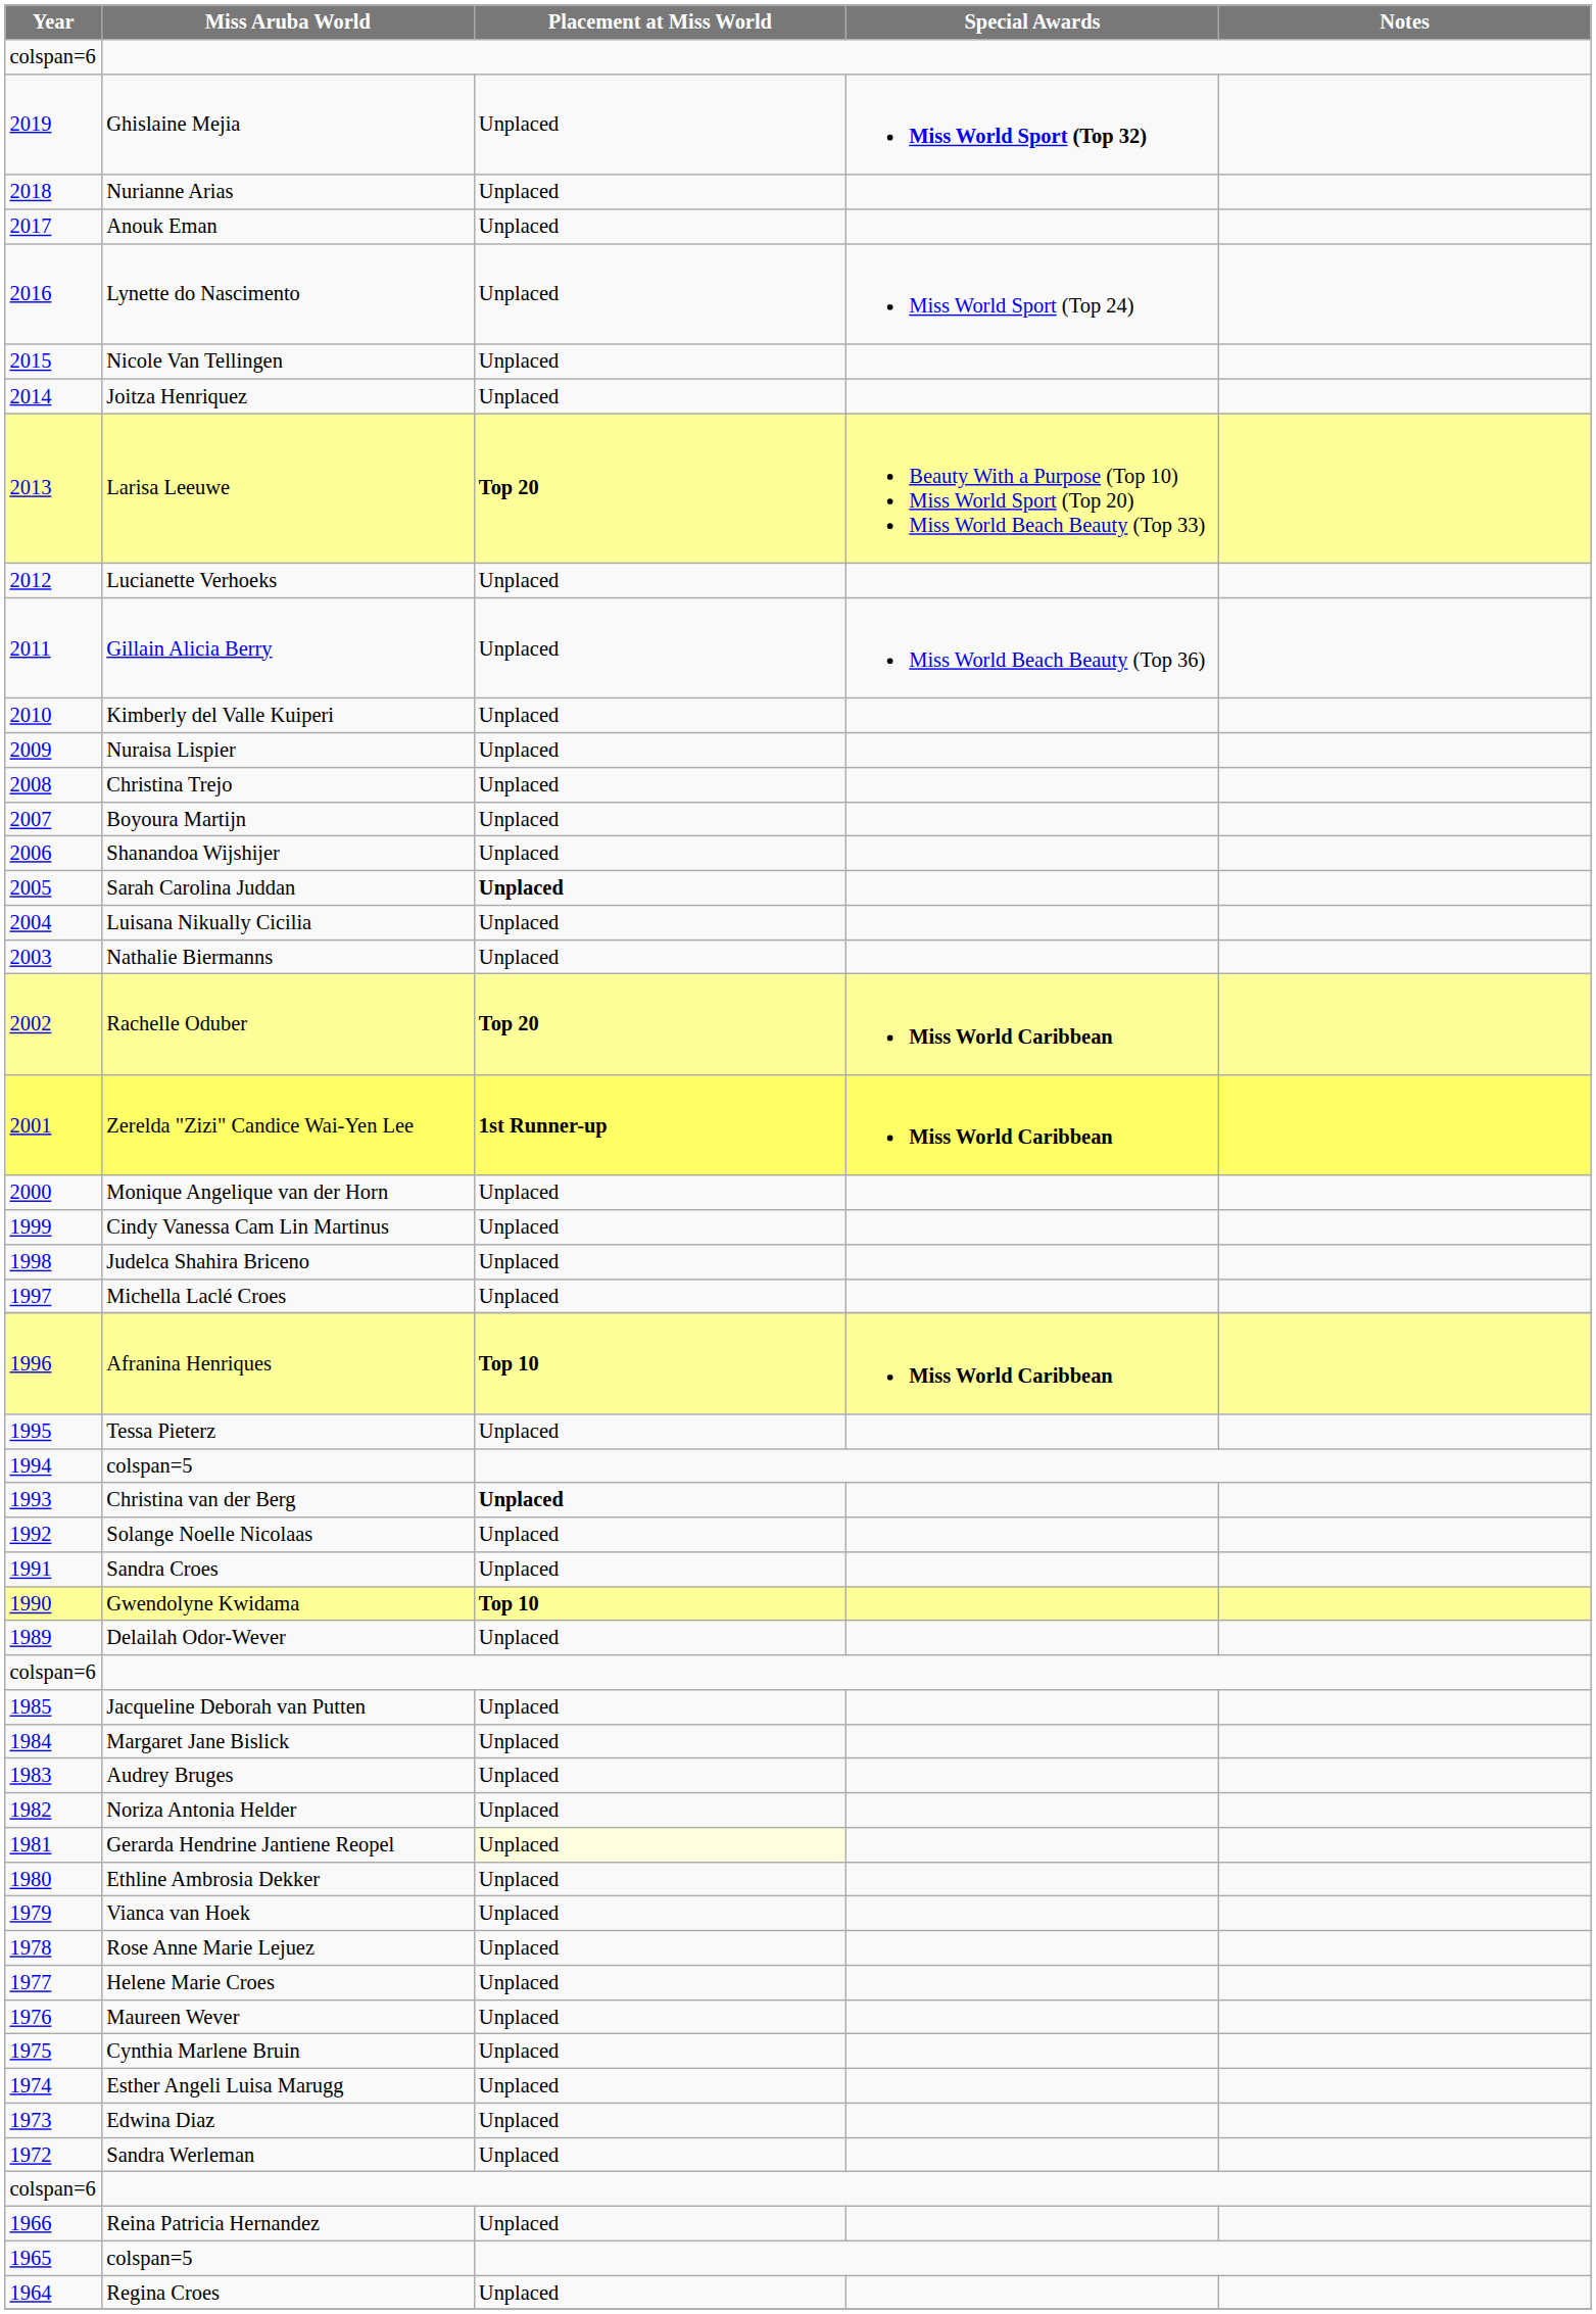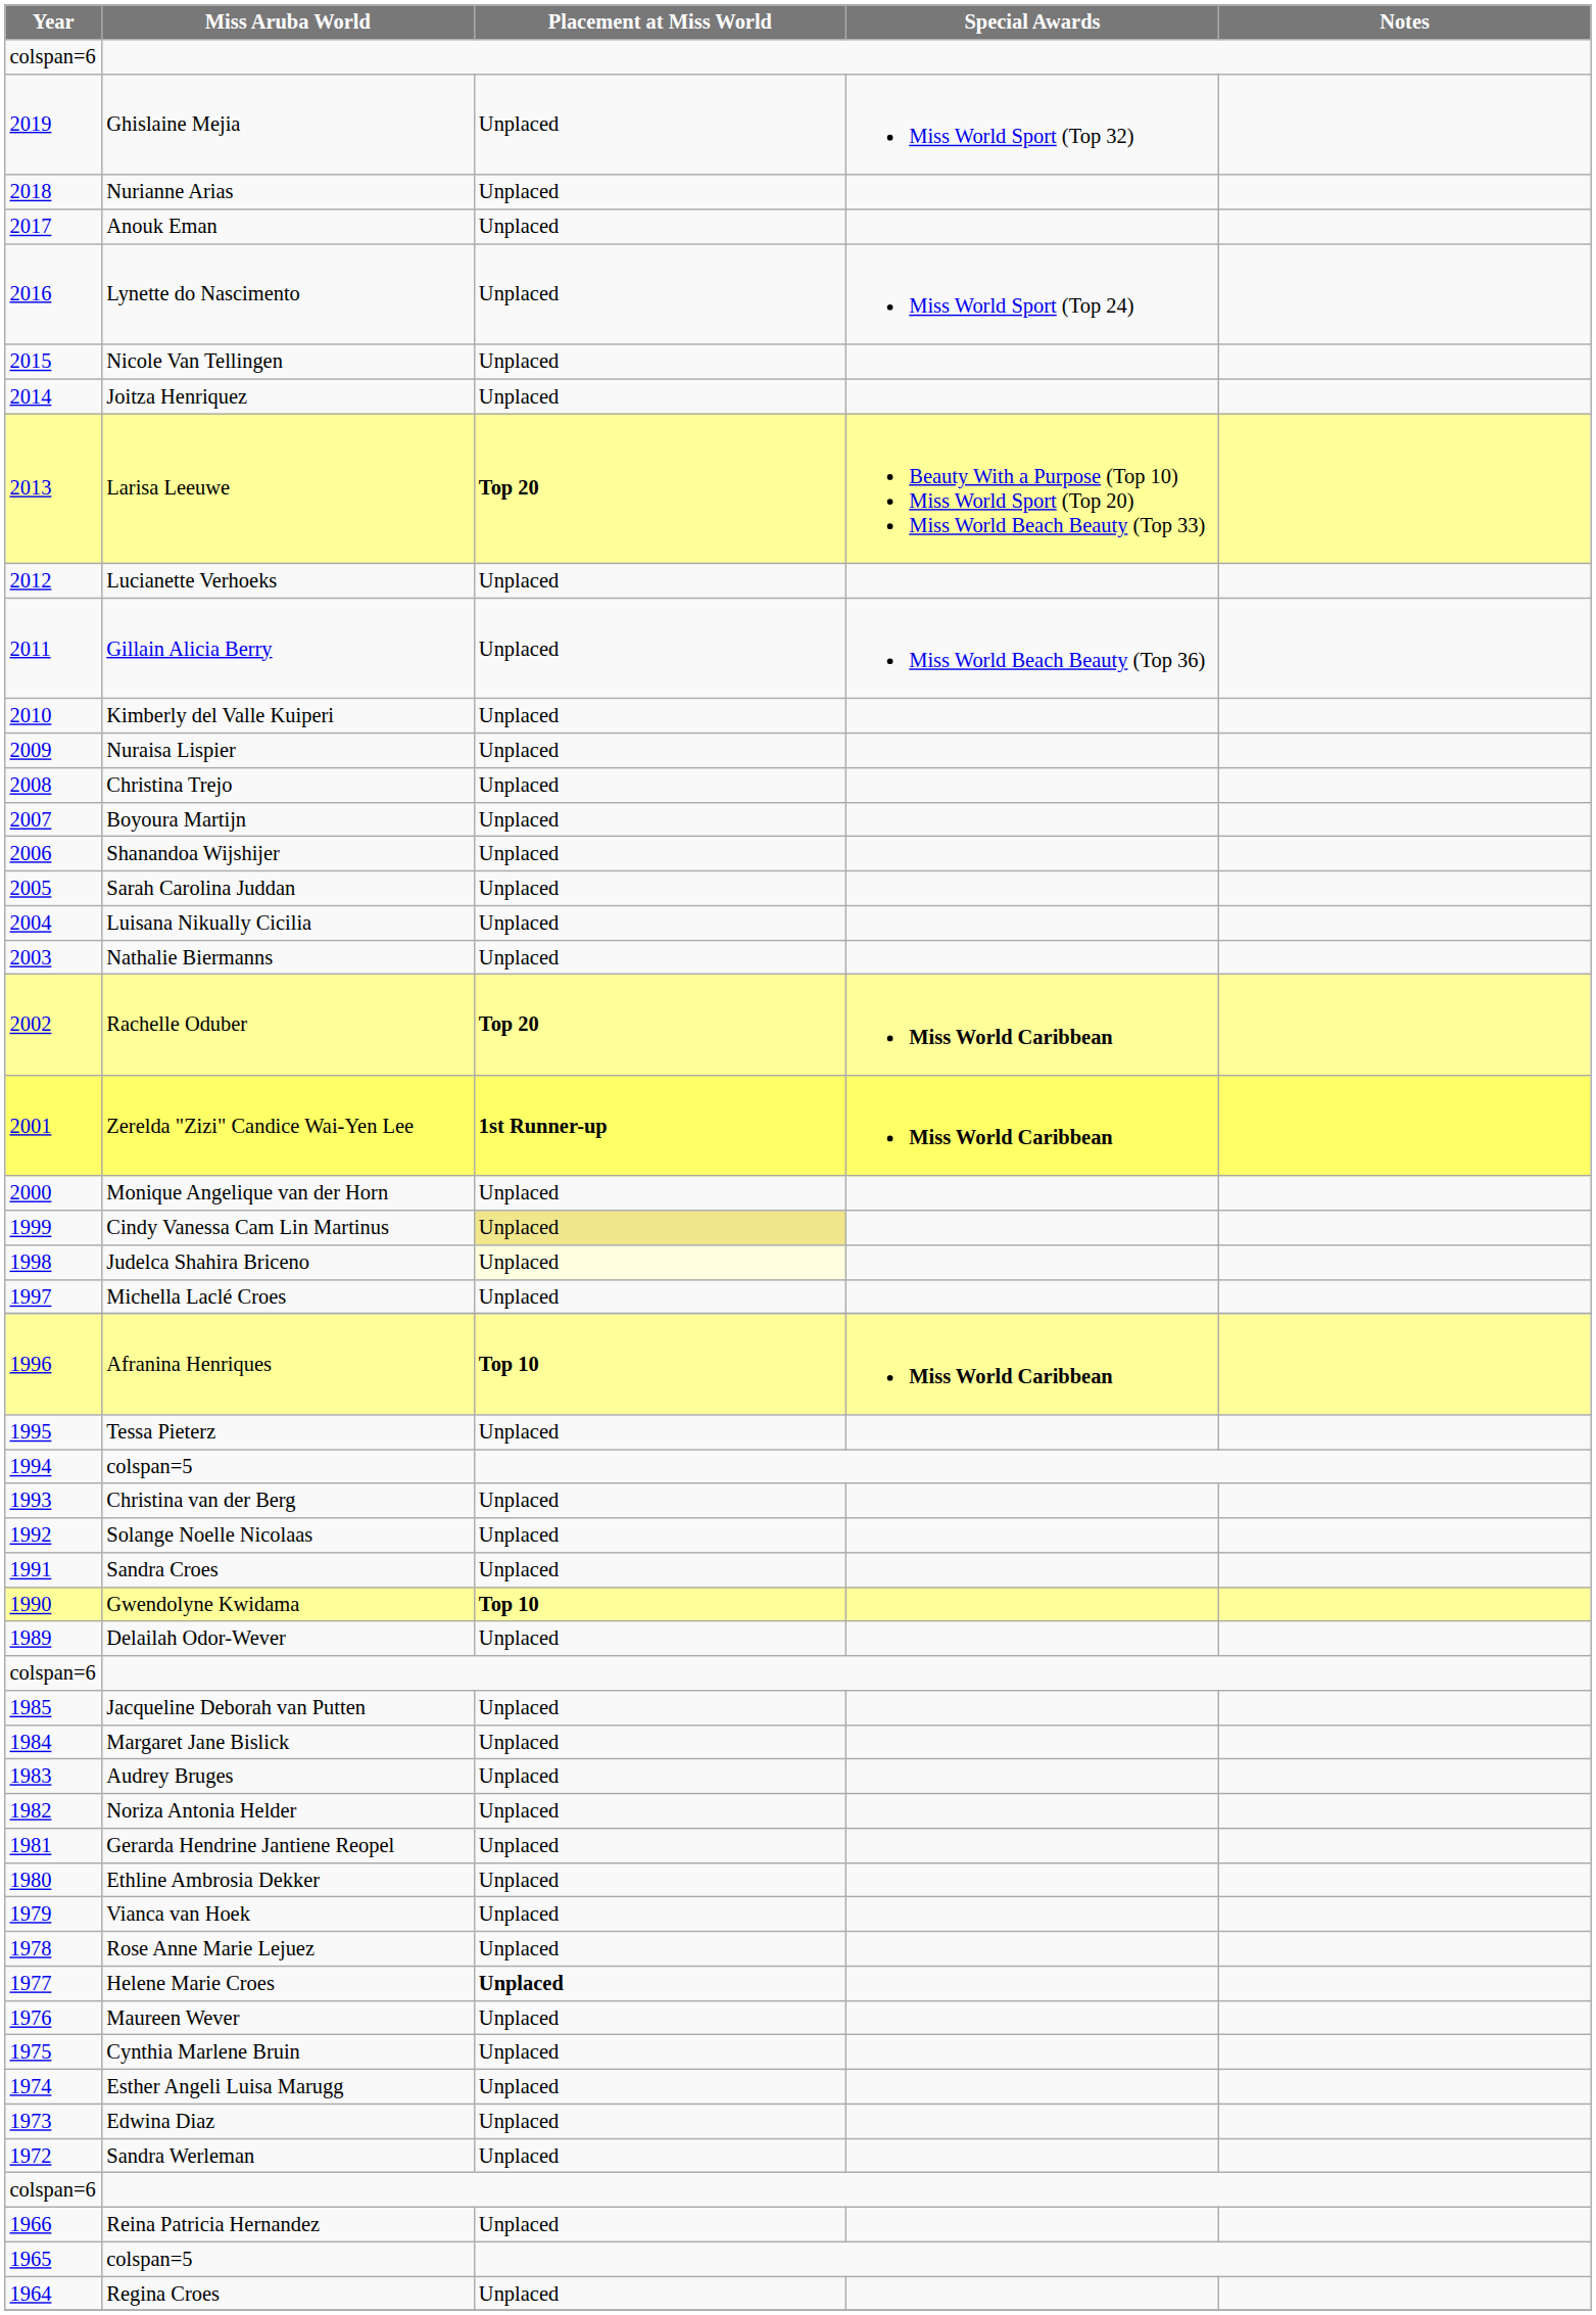 <table class="wikitable " style="font-size: 90%;">
 <tr>
 <th width="60" style="background-color:#787878;color:#FFFFFF;">Year</th>
 <th width="250" style="background-color:#787878;color:#FFFFFF;">Miss Aruba World</th>
 <th width="250" style="background-color:#787878;color:#FFFFFF;">Placement at Miss World</th>
 <th width="250" style="background-color:#787878;color:#FFFFFF;">Special Awards</th>
 <th width="250" style="background-color:#787878;color:#FFFFFF;">Notes</th>
 </tr>
 <tr>
 <td>colspan=6 </td>
 </tr>
 <tr>
 <td><a href='#'>2019</a></td>
 <td>Ghislaine Mejia</td>
 <td>Unplaced</td>
-<td align="left"><strong><br><ul><li><a href='#'>Miss World Sport</a> (Top 32)</li></ul></strong></td>
+<td align="left"><br><ul><li><a href='#'>Miss World Sport</a> (Top 32)</li></ul></td>
 <td></td>
 </tr>
 <tr>
 <td><a href='#'>2018</a></td>
 <td>Nurianne Arias</td>
 <td>Unplaced</td>
 <td></td>
 <td></td>
 </tr>
 <tr>
 <td><a href='#'>2017</a></td>
 <td>Anouk Eman</td>
 <td>Unplaced</td>
 <td></td>
 <td></td>
 </tr>
 <tr>
 <td><a href='#'>2016</a></td>
 <td>Lynette do Nascimento</td>
 <td>Unplaced</td>
 <td align="left"><br><ul><li><a href='#'>Miss World Sport</a> (Top 24)</li></ul></td>
 <td></td>
 </tr>
 <tr>
 <td><a href='#'>2015</a></td>
 <td>Nicole Van Tellingen</td>
 <td>Unplaced</td>
 <td></td>
 <td></td>
 </tr>
 <tr>
 <td><a href='#'>2014</a></td>
 <td>Joitza Henriquez</td>
 <td>Unplaced</td>
 <td></td>
 <td></td>
 </tr>
 <tr style="background-color:#FFFF99; ">
 <td><a href='#'>2013</a></td>
 <td>Larisa Leeuwe</td>
 <td><strong>Top 20</strong></td>
 <td align="left"><br><ul><li><a href='#'>Beauty With a Purpose</a> (Top 10)</li><li><a href='#'>Miss World Sport</a> (Top 20)</li><li><a href='#'>Miss World Beach Beauty</a> (Top 33)</li></ul></td>
 <td></td>
 </tr>
 <tr>
 <td><a href='#'>2012</a></td>
 <td>Lucianette Verhoeks</td>
 <td>Unplaced</td>
 <td></td>
 <td></td>
 </tr>
 <tr>
 <td><a href='#'>2011</a></td>
 <td><a href='#'>Gillain Alicia Berry</a></td>
 <td>Unplaced</td>
 <td align="left"><br><ul><li><a href='#'>Miss World Beach Beauty</a> (Top 36)</li></ul></td>
 <td></td>
 </tr>
 <tr>
 <td><a href='#'>2010</a></td>
 <td>Kimberly del Valle Kuiperi</td>
 <td>Unplaced</td>
 <td></td>
 <td></td>
 </tr>
 <tr>
 <td><a href='#'>2009</a></td>
 <td>Nuraisa Lispier</td>
 <td>Unplaced</td>
 <td></td>
 <td></td>
 </tr>
 <tr>
 <td><a href='#'>2008</a></td>
 <td>Christina Trejo</td>
 <td>Unplaced</td>
 <td></td>
 <td></td>
 </tr>
 <tr>
 <td><a href='#'>2007</a></td>
 <td>Boyoura Martijn</td>
 <td>Unplaced</td>
 <td></td>
 <td></td>
 </tr>
 <tr>
 <td><a href='#'>2006</a></td>
 <td>Shanandoa Wijshijer</td>
 <td>Unplaced</td>
 <td></td>
 <td></td>
 </tr>
 <tr>
 <td><a href='#'>2005</a></td>
 <td>Sarah Carolina Juddan</td>
-<td><strong>Unplaced</strong></td>
+<td>Unplaced</td>
 <td></td>
 <td></td>
 </tr>
 <tr>
 <td><a href='#'>2004</a></td>
 <td>Luisana Nikually Cicilia</td>
 <td>Unplaced</td>
 <td></td>
 <td></td>
 </tr>
 <tr>
 <td><a href='#'>2003</a></td>
 <td>Nathalie Biermanns</td>
 <td>Unplaced</td>
 <td></td>
 <td></td>
 </tr>
 <tr style="background-color:#FFFF99; ">
 <td><a href='#'>2002</a></td>
 <td>Rachelle Oduber</td>
 <td><strong>Top 20</strong></td>
 <td align="left"><br><ul><li><strong>Miss World Caribbean</strong></li></ul></td>
 <td></td>
 </tr>
 <tr style="background-color:#FFFF66; ">
 <td><a href='#'>2001</a></td>
 <td>Zerelda "Zizi" Candice Wai-Yen Lee</td>
 <td><strong>1st Runner-up</strong></td>
 <td align="left"><br><ul><li><strong>Miss World Caribbean</strong></li></ul></td>
 <td></td>
 </tr>
 <tr>
 <td><a href='#'>2000</a></td>
 <td>Monique Angelique van der Horn</td>
 <td>Unplaced</td>
 <td></td>
 <td></td>
 </tr>
 <tr>
 <td><a href='#'>1999</a></td>
 <td>Cindy Vanessa Cam Lin Martinus</td>
-<td>Unplaced</td>
+<td style="background: khaki;">Unplaced</td>
 <td></td>
 <td></td>
 </tr>
 <tr>
 <td><a href='#'>1998</a></td>
 <td>Judelca Shahira Briceno</td>
-<td>Unplaced</td>
+<td style="background: lightyellow;">Unplaced</td>
 <td></td>
 <td></td>
 </tr>
 <tr>
 <td><a href='#'>1997</a></td>
 <td>Michella Laclé Croes</td>
 <td>Unplaced</td>
 <td></td>
 <td></td>
 </tr>
 <tr>
 </tr>
 <tr style="background-color:#FFFF99; ">
 <td><a href='#'>1996</a></td>
 <td>Afranina Henriques</td>
 <td><strong>Top 10</strong></td>
 <td align="left"><br><ul><li><strong>Miss World Caribbean</strong></li></ul></td>
 <td></td>
 </tr>
 <tr>
 <td><a href='#'>1995</a></td>
 <td>Tessa Pieterz</td>
 <td>Unplaced</td>
 <td></td>
 <td></td>
 </tr>
 <tr>
 <td><a href='#'>1994</a></td>
 <td>colspan=5 </td>
 </tr>
 <tr>
 <td><a href='#'>1993</a></td>
 <td>Christina van der Berg</td>
-<td><strong>Unplaced</strong></td>
+<td>Unplaced</td>
 <td></td>
 <td></td>
 </tr>
 <tr>
 <td><a href='#'>1992</a></td>
 <td>Solange Noelle Nicolaas</td>
 <td>Unplaced</td>
 <td></td>
 <td></td>
 </tr>
 <tr>
 <td><a href='#'>1991</a></td>
 <td>Sandra Croes</td>
 <td>Unplaced</td>
 <td></td>
 <td></td>
 </tr>
 <tr style="background-color:#FFFF99; ">
 <td><a href='#'>1990</a></td>
 <td>Gwendolyne Kwidama</td>
 <td><strong>Top 10</strong></td>
 <td></td>
 <td></td>
 </tr>
 <tr>
 <td><a href='#'>1989</a></td>
 <td>Delailah Odor-Wever</td>
 <td>Unplaced</td>
 <td></td>
 <td></td>
 </tr>
 <tr>
 <td>colspan=6 </td>
 </tr>
 <tr>
 <td><a href='#'>1985</a></td>
 <td>Jacqueline Deborah van Putten</td>
 <td>Unplaced</td>
 <td></td>
 <td></td>
 </tr>
 <tr>
 <td><a href='#'>1984</a></td>
 <td>Margaret Jane Bislick</td>
 <td>Unplaced</td>
 <td></td>
 <td></td>
 </tr>
 <tr>
 <td><a href='#'>1983</a></td>
 <td>Audrey Bruges</td>
 <td>Unplaced</td>
 <td></td>
 <td></td>
 </tr>
 <tr>
 <td><a href='#'>1982</a></td>
 <td>Noriza Antonia Helder</td>
 <td>Unplaced</td>
 <td></td>
 <td></td>
 </tr>
 <tr>
 <td><a href='#'>1981</a></td>
 <td>Gerarda Hendrine Jantiene Reopel</td>
-<td style="background: lightyellow;">Unplaced</td>
+<td>Unplaced</td>
 <td></td>
 <td></td>
 </tr>
 <tr>
 <td><a href='#'>1980</a></td>
 <td>Ethline Ambrosia Dekker</td>
 <td>Unplaced</td>
 <td></td>
 <td></td>
 </tr>
 <tr>
 <td><a href='#'>1979</a></td>
 <td>Vianca van Hoek</td>
 <td>Unplaced</td>
 <td></td>
 <td></td>
 </tr>
 <tr>
 <td><a href='#'>1978</a></td>
 <td>Rose Anne Marie Lejuez</td>
 <td>Unplaced</td>
 <td></td>
 <td></td>
 </tr>
 <tr>
 <td><a href='#'>1977</a></td>
 <td>Helene Marie Croes</td>
-<td>Unplaced</td>
+<td><strong>Unplaced</strong></td>
 <td></td>
 <td></td>
 </tr>
 <tr>
 <td><a href='#'>1976</a></td>
 <td>Maureen Wever</td>
 <td>Unplaced</td>
 <td></td>
 <td></td>
 </tr>
 <tr>
 <td><a href='#'>1975</a></td>
 <td>Cynthia Marlene Bruin</td>
 <td>Unplaced</td>
 <td></td>
 <td></td>
 </tr>
 <tr>
 <td><a href='#'>1974</a></td>
 <td>Esther Angeli Luisa Marugg</td>
 <td>Unplaced</td>
 <td></td>
 <td></td>
 </tr>
 <tr>
 <td><a href='#'>1973</a></td>
 <td>Edwina Diaz</td>
 <td>Unplaced</td>
 <td></td>
 <td></td>
 </tr>
 <tr>
 <td><a href='#'>1972</a></td>
 <td>Sandra Werleman</td>
 <td>Unplaced</td>
 <td></td>
 <td></td>
 </tr>
 <tr>
 <td>colspan=6 </td>
 </tr>
 <tr>
 <td><a href='#'>1966</a></td>
 <td>Reina Patricia Hernandez</td>
 <td>Unplaced</td>
 <td></td>
 <td></td>
 </tr>
 <tr>
 <td><a href='#'>1965</a></td>
 <td>colspan=5 </td>
 </tr>
 <tr>
 <td><a href='#'>1964</a></td>
 <td>Regina Croes</td>
 <td>Unplaced</td>
 <td></td>
 <td></td>
 </tr>
 <tr>
 </tr>
 </table>
